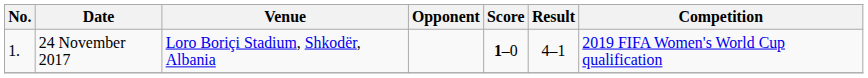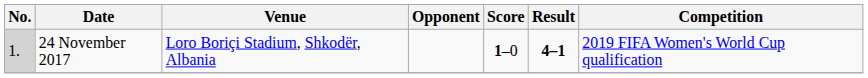 <table class="wikitable">
 <tr>
 <th>No.</th>
 <th>Date</th>
 <th>Venue</th>
 <th>Opponent</th>
 <th>Score</th>
 <th>Result</th>
 <th>Competition</th>
 </tr>
 <tr>
-<td>1.</td>
+<td style="background: lightgrey;">1.</td>
 <td>24 November 2017</td>
 <td><a href='#'>Loro Boriçi Stadium</a>, <a href='#'>Shkodër</a>, <a href='#'>Albania</a></td>
 <td></td>
 <td align=center><strong>1</strong>–0</td>
-<td align=center>4–1</td>
+<td align=center><strong>4–1</strong></td>
 <td><a href='#'>2019 FIFA Women's World Cup qualification</a></td>
 </tr>
 <tr>
 </tr>
 </table>
